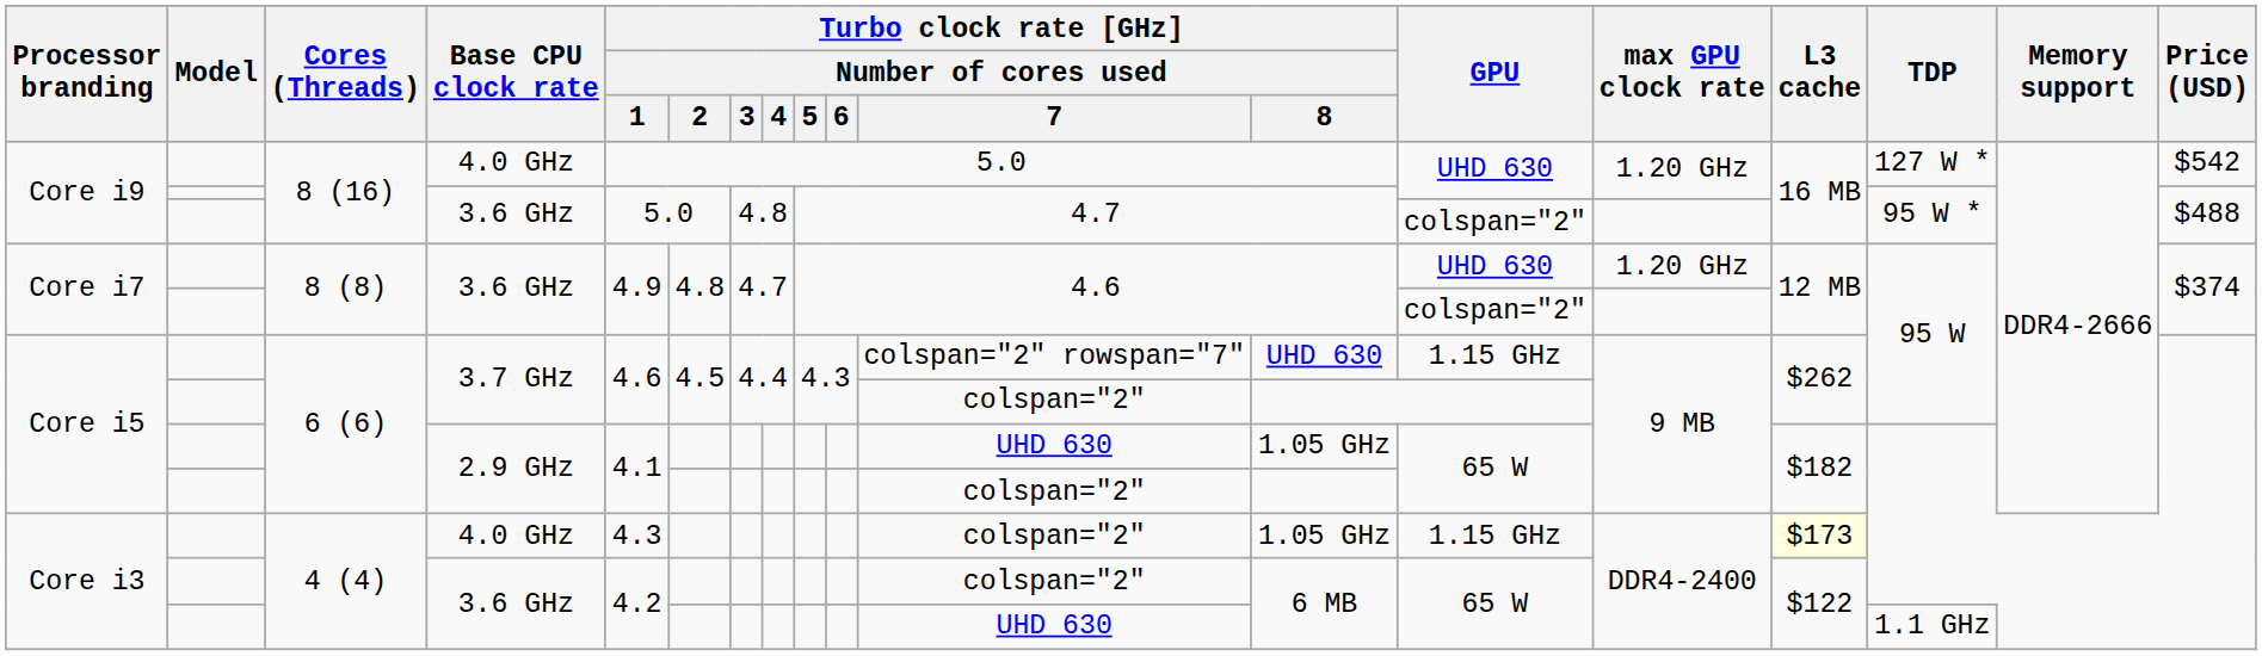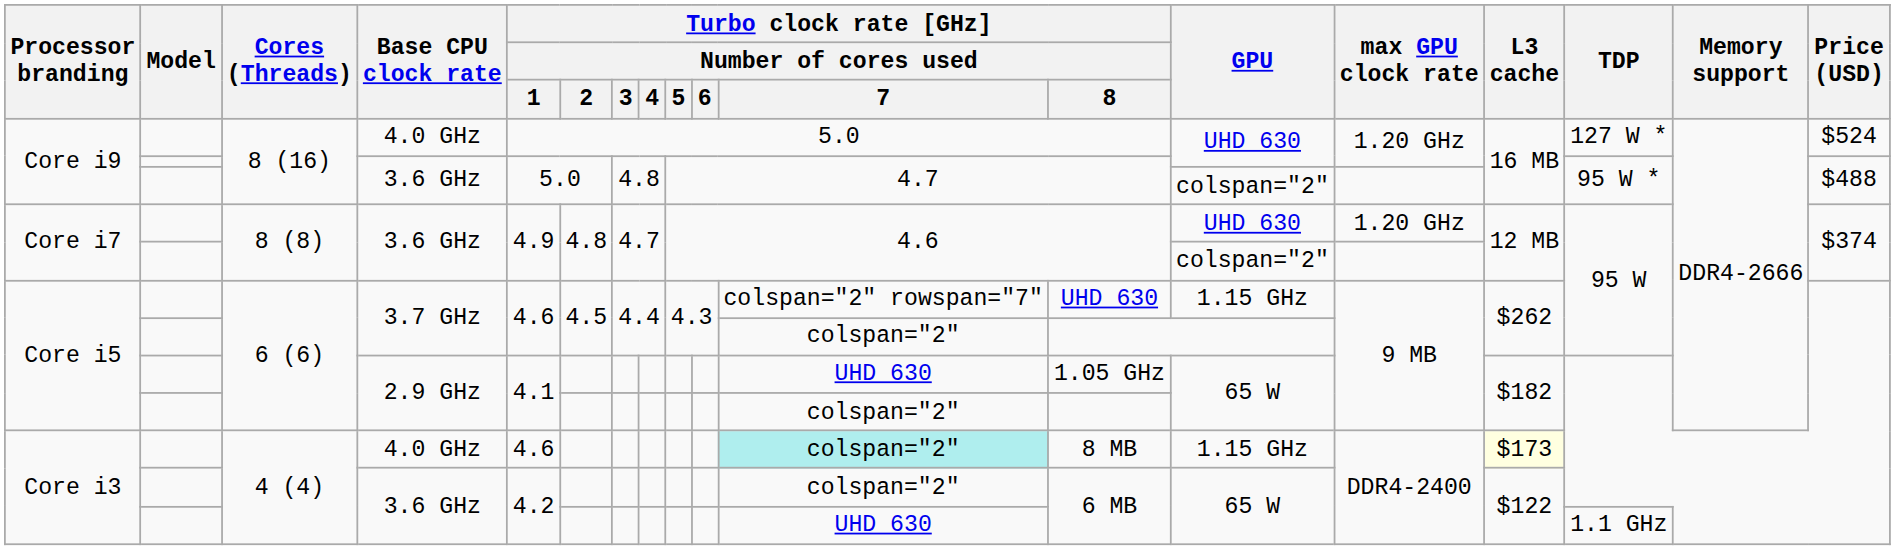 <table class="wikitable" style="text-align: center;">
 <tr>
 <th rowspan="3">Processor<br>branding</th>
 <th rowspan="3">Model</th>
 <th rowspan="3"><a href='#'>Cores</a><br>(<a href='#'>Threads</a>)</th>
 <th rowspan="3">Base CPU<br><a href='#'>clock rate</a></th>
 <th colspan="8"><a href='#'>Turbo</a> clock rate [GHz]</th>
 <th rowspan="3"><a href='#'>GPU</a></th>
 <th rowspan="3">max <a href='#'>GPU</a><br>clock rate</th>
 <th rowspan="3">L3<br>cache</th>
 <th rowspan="3">TDP</th>
 <th rowspan="3">Memory<br>support</th>
 <th rowspan="3">Price<br>(USD)</th>
 </tr>
 <tr>
 <th colspan="8">Number of cores used</th>
 </tr>
 <tr>
 <th>1</th>
 <th>2</th>
 <th>3</th>
 <th>4</th>
 <th>5</th>
 <th>6</th>
 <th>7</th>
 <th>8</th>
 </tr>
 <tr>
 <td rowspan="3">Core i9</td>
 <td></td>
 <td rowspan="3">8 (16)</td>
 <td>4.0 GHz</td>
 <td colspan="8">5.0</td>
 <td rowspan="2"><a href='#'>UHD 630</a></td>
 <td rowspan="2">1.20 GHz</td>
 <td rowspan="3">16 MB</td>
 <td>127 W *</td>
 <td rowspan="9">DDR4-2666</td>
-<td>$542</td>
+<td>$524</td>
 </tr>
 <tr>
 <td></td>
 <td rowspan="2">3.6 GHz</td>
 <td colspan="2" rowspan="2">5.0</td>
 <td colspan="2" rowspan="2">4.8</td>
 <td colspan="4" rowspan="2">4.7</td>
 <td rowspan="2">95 W *</td>
 <td rowspan="2">$488</td>
 </tr>
 <tr>
 <td></td>
 <td>colspan="2" </td>
 </tr>
 <tr>
 <td rowspan="2">Core i7</td>
 <td></td>
 <td rowspan="2">8 (8)</td>
 <td rowspan="2">3.6 GHz</td>
 <td rowspan="2">4.9</td>
 <td rowspan="2">4.8</td>
 <td colspan="2" rowspan="2">4.7</td>
 <td colspan="4" rowspan="2">4.6</td>
 <td><a href='#'>UHD 630</a></td>
 <td>1.20 GHz</td>
 <td rowspan="2">12 MB</td>
 <td rowspan="4">95 W</td>
 <td rowspan="2">$374</td>
 </tr>
 <tr>
 <td></td>
 <td>colspan="2" </td>
 </tr>
 <tr>
 <td rowspan="4">Core i5</td>
 <td></td>
 <td rowspan="4">6 (6)</td>
 <td rowspan="2">3.7 GHz</td>
 <td rowspan="2">4.6</td>
 <td rowspan="2">4.5</td>
 <td colspan="2" rowspan="2">4.4</td>
 <td colspan="2" rowspan="2">4.3</td>
 <td>colspan="2" rowspan="7" </td>
 <td><a href='#'>UHD 630</a></td>
 <td>1.15 GHz</td>
 <td rowspan="4">9 MB</td>
 <td rowspan="2">$262</td>
 </tr>
 <tr>
 <td></td>
 <td>colspan="2" </td>
 </tr>
 <tr>
 <td></td>
 <td rowspan="2">2.9 GHz</td>
 <td rowspan="2">4.1</td>
 <td></td>
 <td></td>
 <td></td>
 <td></td>
 <td></td>
 <td><a href='#'>UHD 630</a></td>
 <td>1.05 GHz</td>
 <td rowspan="2">65 W</td>
 <td rowspan="2">$182</td>
 </tr>
 <tr>
 <td></td>
 <td></td>
 <td></td>
 <td></td>
 <td></td>
 <td></td>
 <td>colspan="2" </td>
 </tr>
 <tr>
 <td rowspan="3">Core i3</td>
 <td></td>
 <td rowspan="3">4 (4)</td>
 <td>4.0 GHz</td>
-<td>4.3</td>
+<td>4.6</td>
 <td></td>
 <td></td>
 <td></td>
 <td></td>
 <td></td>
-<td>colspan="2" </td>
-<td>1.05 GHz</td>
+<td style="background: paleturquoise;">colspan="2" </td>
+<td>8 MB</td>
 <td>1.15 GHz</td>
 <td rowspan="3">DDR4-2400</td>
 <td style="background: lightyellow;">$173</td>
 </tr>
 <tr>
 <td></td>
 <td rowspan="2">3.6 GHz</td>
 <td rowspan="2">4.2</td>
 <td></td>
 <td></td>
 <td></td>
 <td></td>
 <td></td>
 <td>colspan="2" </td>
 <td rowspan="2">6 MB</td>
 <td rowspan="2">65 W</td>
 <td rowspan="2">$122</td>
 </tr>
 <tr>
 <td></td>
 <td></td>
 <td></td>
 <td></td>
 <td></td>
 <td></td>
 <td><a href='#'>UHD 630</a></td>
 <td>1.1 GHz</td>
 </tr>
 </table>
